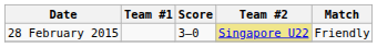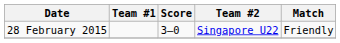 <table class="wikitable">
 <tr>
 <th>Date</th>
 <th>Team #1</th>
 <th>Score</th>
 <th>Team #2</th>
 <th>Match</th>
 </tr>
 <tr>
 <td>28 February 2015</td>
 <td></td>
 <td>3–0</td>
-<td style="background: khaki;"> <a href='#'>Singapore U22</a></td>
+<td> <a href='#'>Singapore U22</a></td>
 <td>Friendly</td>
 </tr>
 <tr>
 </tr>
 </table>
